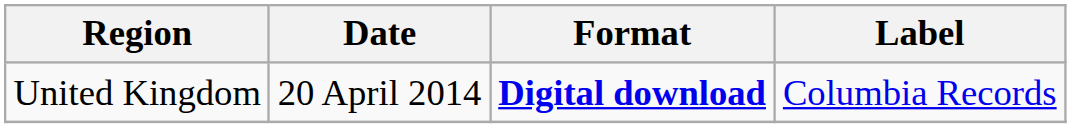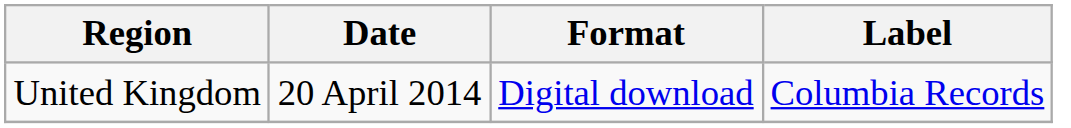 <table class=wikitable>
 <tr>
 <th>Region</th>
 <th>Date</th>
 <th>Format</th>
 <th>Label</th>
 </tr>
 <tr>
 <td>United Kingdom</td>
 <td>20 April 2014</td>
-<td><strong><a href='#'>Digital download</a></strong></td>
+<td><a href='#'>Digital download</a></td>
 <td><a href='#'>Columbia Records</a></td>
 </tr>
 <tr>
 </tr>
 </table>
